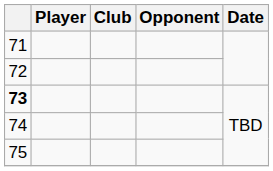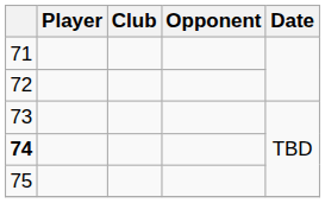 <table class="wikitable" style="text-align:center">
 <tr>
 <th></th>
 <th>Player</th>
 <th>Club</th>
 <th>Opponent</th>
 <th>Date</th>
 </tr>
 <tr>
 <td>71</td>
 <td align="left"></td>
 <td></td>
 <td></td>
 <td rowspan="2"></td>
 </tr>
 <tr>
 <td>72</td>
 <td align="left"></td>
 <td></td>
 <td></td>
 </tr>
 <tr>
-<td><strong>73</strong></td>
+<td>73</td>
 <td align="left"></td>
 <td></td>
 <td></td>
 <td rowspan="3">TBD</td>
 </tr>
 <tr>
-<td>74</td>
+<td><strong>74</strong></td>
 <td align="left"></td>
 <td></td>
 <td></td>
 </tr>
 <tr>
 <td>75</td>
 <td align="left"></td>
 <td></td>
 <td></td>
 </tr>
 <tr>
 </tr>
 </table>
